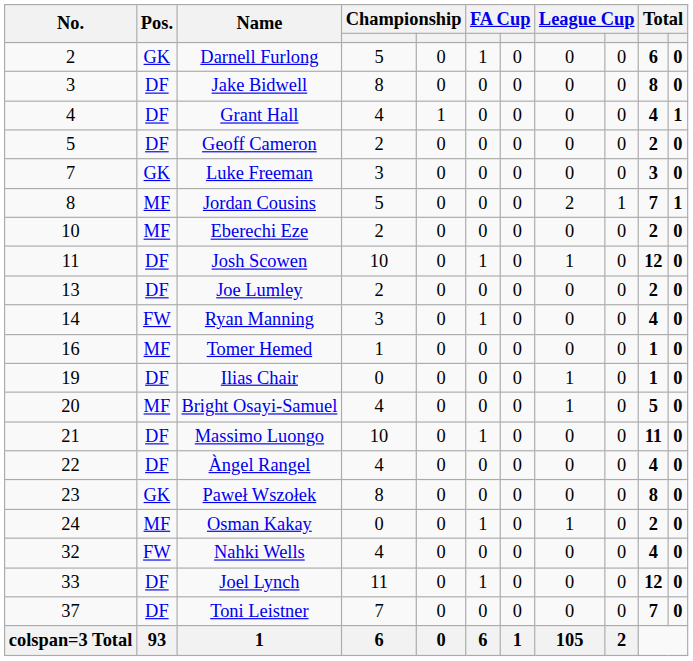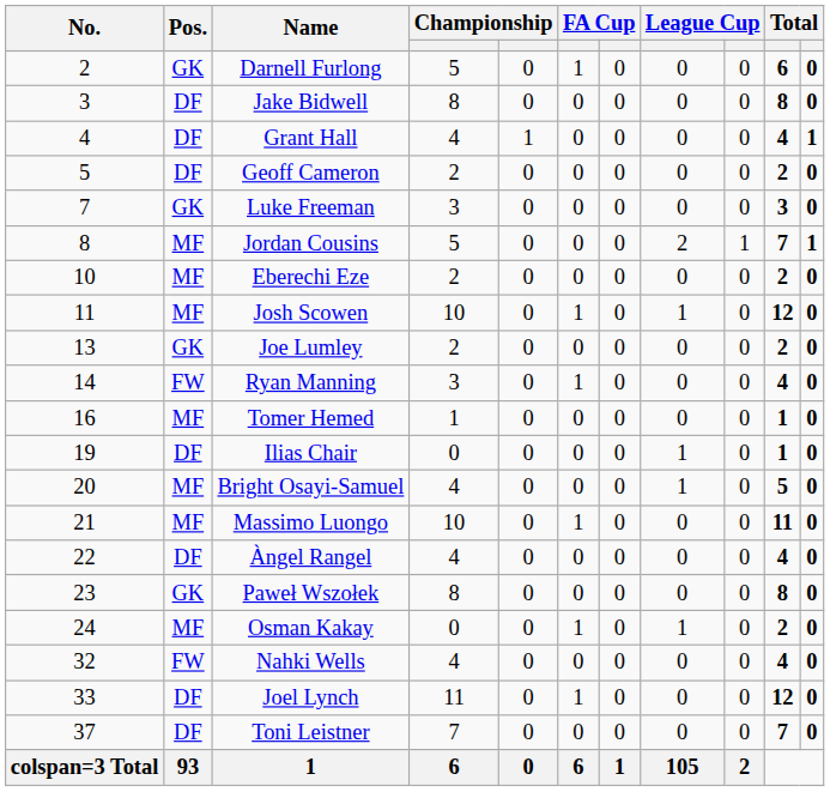 <table class="wikitable sortable" style="text-align: center;">
 <tr>
 <th rowspan="2">No.</th>
 <th rowspan="2">Pos.</th>
 <th rowspan="2">Name</th>
 <th colspan="2">Championship</th>
 <th colspan="2"><a href='#'>FA Cup</a></th>
 <th colspan="2"><a href='#'>League Cup</a></th>
 <th colspan="2">Total</th>
 </tr>
 <tr>
 <th></th>
 <th></th>
 <th></th>
 <th></th>
 <th></th>
 <th></th>
 <th></th>
 <th></th>
 </tr>
 <tr>
 <td>2</td>
 <td><a href='#'>GK</a></td>
 <td><a href='#'>Darnell Furlong</a></td>
 <td>5</td>
 <td>0</td>
 <td>1</td>
 <td>0</td>
 <td>0</td>
 <td>0</td>
 <td><strong>6</strong></td>
 <td><strong>0</strong></td>
 </tr>
 <tr>
 <td>3</td>
 <td><a href='#'>DF</a></td>
 <td><a href='#'>Jake Bidwell</a></td>
 <td>8</td>
 <td>0</td>
 <td>0</td>
 <td>0</td>
 <td>0</td>
 <td>0</td>
 <td><strong>8</strong></td>
 <td><strong>0</strong></td>
 </tr>
 <tr>
 <td>4</td>
 <td><a href='#'>DF</a></td>
 <td><a href='#'>Grant Hall</a></td>
 <td>4</td>
 <td>1</td>
 <td>0</td>
 <td>0</td>
 <td>0</td>
 <td>0</td>
 <td><strong>4</strong></td>
 <td><strong>1</strong></td>
 </tr>
 <tr>
 <td>5</td>
 <td><a href='#'>DF</a></td>
 <td><a href='#'>Geoff Cameron</a></td>
 <td>2</td>
 <td>0</td>
 <td>0</td>
 <td>0</td>
 <td>0</td>
 <td>0</td>
 <td><strong>2</strong></td>
 <td><strong>0</strong></td>
 </tr>
 <tr>
 <td>7</td>
 <td><a href='#'>GK</a></td>
 <td><a href='#'>Luke Freeman</a></td>
 <td>3</td>
 <td>0</td>
 <td>0</td>
 <td>0</td>
 <td>0</td>
 <td>0</td>
 <td><strong>3</strong></td>
 <td><strong>0</strong></td>
 </tr>
 <tr>
 <td>8</td>
 <td><a href='#'>MF</a></td>
 <td><a href='#'>Jordan Cousins</a></td>
 <td>5</td>
 <td>0</td>
 <td>0</td>
 <td>0</td>
 <td>2</td>
 <td>1</td>
 <td><strong>7</strong></td>
 <td><strong>1</strong></td>
 </tr>
 <tr>
 <td>10</td>
 <td><a href='#'>MF</a></td>
 <td><a href='#'>Eberechi Eze</a></td>
 <td>2</td>
 <td>0</td>
 <td>0</td>
 <td>0</td>
 <td>0</td>
 <td>0</td>
 <td><strong>2</strong></td>
 <td><strong>0</strong></td>
 </tr>
 <tr>
 <td>11</td>
-<td><a href='#'>DF</a></td>
+<td><a href='#'>MF</a></td>
 <td><a href='#'>Josh Scowen</a></td>
 <td>10</td>
 <td>0</td>
 <td>1</td>
 <td>0</td>
 <td>1</td>
 <td>0</td>
 <td><strong>12</strong></td>
 <td><strong>0</strong></td>
 </tr>
 <tr>
 <td>13</td>
-<td><a href='#'>DF</a></td>
+<td><a href='#'>GK</a></td>
 <td><a href='#'>Joe Lumley</a></td>
 <td>2</td>
 <td>0</td>
 <td>0</td>
 <td>0</td>
 <td>0</td>
 <td>0</td>
 <td><strong>2</strong></td>
 <td><strong>0</strong></td>
 </tr>
 <tr>
 <td>14</td>
 <td><a href='#'>FW</a></td>
 <td><a href='#'>Ryan Manning</a></td>
 <td>3</td>
 <td>0</td>
 <td>1</td>
 <td>0</td>
 <td>0</td>
 <td>0</td>
 <td><strong>4</strong></td>
 <td><strong>0</strong></td>
 </tr>
 <tr>
 <td>16</td>
 <td><a href='#'>MF</a></td>
 <td><a href='#'>Tomer Hemed</a></td>
 <td>1</td>
 <td>0</td>
 <td>0</td>
 <td>0</td>
 <td>0</td>
 <td>0</td>
 <td><strong>1</strong></td>
 <td><strong>0</strong></td>
 </tr>
 <tr>
 <td>19</td>
 <td><a href='#'>DF</a></td>
 <td><a href='#'>Ilias Chair</a></td>
 <td>0</td>
 <td>0</td>
 <td>0</td>
 <td>0</td>
 <td>1</td>
 <td>0</td>
 <td><strong>1</strong></td>
 <td><strong>0</strong></td>
 </tr>
 <tr>
 <td>20</td>
 <td><a href='#'>MF</a></td>
 <td><a href='#'>Bright Osayi-Samuel</a></td>
 <td>4</td>
 <td>0</td>
 <td>0</td>
 <td>0</td>
 <td>1</td>
 <td>0</td>
 <td><strong>5</strong></td>
 <td><strong>0</strong></td>
 </tr>
 <tr>
 <td>21</td>
-<td><a href='#'>DF</a></td>
+<td><a href='#'>MF</a></td>
 <td><a href='#'>Massimo Luongo</a></td>
 <td>10</td>
 <td>0</td>
 <td>1</td>
 <td>0</td>
 <td>0</td>
 <td>0</td>
 <td><strong>11</strong></td>
 <td><strong>0</strong></td>
 </tr>
 <tr>
 <td>22</td>
 <td><a href='#'>DF</a></td>
 <td><a href='#'>Àngel Rangel</a></td>
 <td>4</td>
 <td>0</td>
 <td>0</td>
 <td>0</td>
 <td>0</td>
 <td>0</td>
 <td><strong>4</strong></td>
 <td><strong>0</strong></td>
 </tr>
 <tr>
 <td>23</td>
 <td><a href='#'>GK</a></td>
 <td><a href='#'>Paweł Wszołek</a></td>
 <td>8</td>
 <td>0</td>
 <td>0</td>
 <td>0</td>
 <td>0</td>
 <td>0</td>
 <td><strong>8</strong></td>
 <td><strong>0</strong></td>
 </tr>
 <tr>
 <td>24</td>
 <td><a href='#'>MF</a></td>
 <td><a href='#'>Osman Kakay</a></td>
 <td>0</td>
 <td>0</td>
 <td>1</td>
 <td>0</td>
 <td>1</td>
 <td>0</td>
 <td><strong>2</strong></td>
 <td><strong>0</strong></td>
 </tr>
 <tr>
 <td>32</td>
 <td><a href='#'>FW</a></td>
 <td><a href='#'>Nahki Wells</a></td>
 <td>4</td>
 <td>0</td>
 <td>0</td>
 <td>0</td>
 <td>0</td>
 <td>0</td>
 <td><strong>4</strong></td>
 <td><strong>0</strong></td>
 </tr>
 <tr>
 <td>33</td>
 <td><a href='#'>DF</a></td>
 <td><a href='#'>Joel Lynch</a></td>
 <td>11</td>
 <td>0</td>
 <td>1</td>
 <td>0</td>
 <td>0</td>
 <td>0</td>
 <td><strong>12</strong></td>
 <td><strong>0</strong></td>
 </tr>
 <tr>
 <td>37</td>
 <td><a href='#'>DF</a></td>
 <td><a href='#'>Toni Leistner</a></td>
 <td>7</td>
 <td>0</td>
 <td>0</td>
 <td>0</td>
 <td>0</td>
 <td>0</td>
 <td><strong>7</strong></td>
 <td><strong>0</strong></td>
 </tr>
 <tr>
 <th>colspan=3 Total</th>
 <th>93</th>
 <th>1</th>
 <th>6</th>
 <th>0</th>
 <th>6</th>
 <th>1</th>
 <th>105</th>
 <th>2</th>
 </tr>
 </table>
